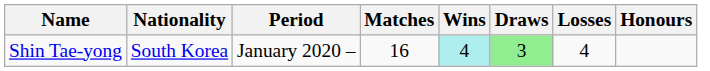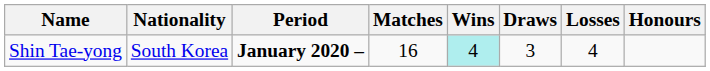 <table class="wikitable">
 <tr>
 <th>Name</th>
 <th>Nationality</th>
 <th>Period</th>
 <th>Matches</th>
 <th>Wins</th>
 <th>Draws</th>
 <th>Losses</th>
 <th>Honours</th>
 </tr>
 <tr>
 <td><a href='#'>Shin Tae-yong</a></td>
 <td align="center"> <a href='#'>South Korea</a></td>
-<td align="center">January 2020 –</td>
+<td align="center"><strong>January 2020 –</strong></td>
 <td align="center">16</td>
 <td align="center" style="background: paleturquoise;">4</td>
-<td align="center" style="background: lightgreen;">3</td>
+<td align="center">3</td>
 <td align="center">4</td>
 </tr>
 </table>
